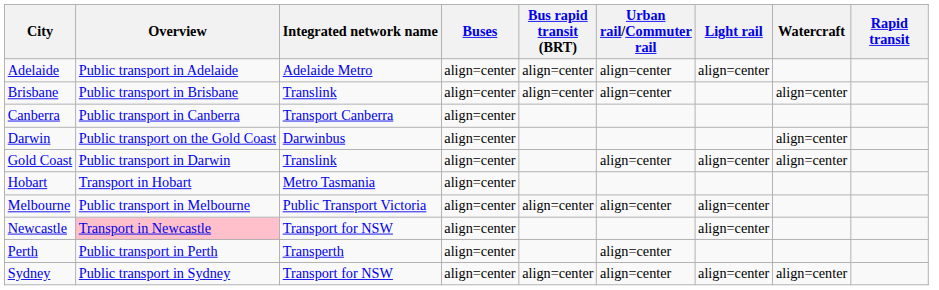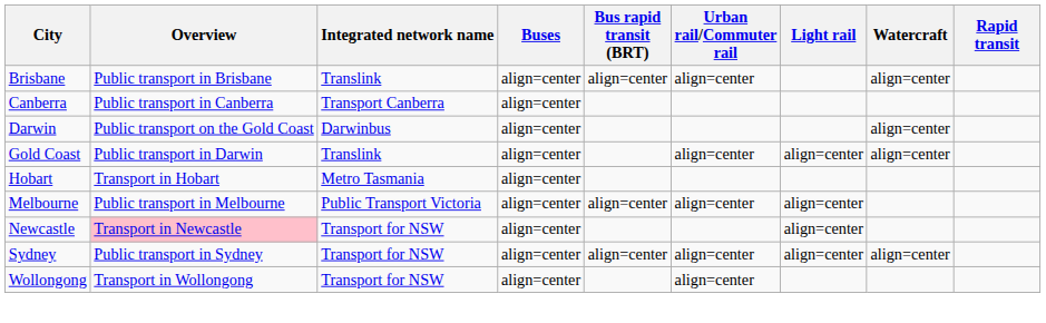 <table class="wikitable">
 <tr>
 <th>City</th>
 <th>Overview</th>
 <th>Integrated network name</th>
 <th width=80><a href='#'>Buses</a></th>
 <th width=80><a href='#'>Bus rapid transit</a> (BRT)</th>
 <th width=80><a href='#'>Urban rail</a>/<a href='#'>Commuter rail</a></th>
 <th width=80><a href='#'>Light rail</a></th>
 <th width=80>Watercraft</th>
 <th width=80><a href='#'>Rapid transit</a></th>
-</tr>
-<tr>
-<td><a href='#'>Adelaide</a></td>
-<td><a href='#'>Public transport in Adelaide</a></td>
-<td><a href='#'>Adelaide Metro</a></td>
-<td>align=center </td>
-<td>align=center </td>
-<td>align=center </td>
-<td>align=center </td>
-<td></td>
-<td></td>
 </tr>
 <tr>
 <td><a href='#'>Brisbane</a></td>
 <td><a href='#'>Public transport in Brisbane</a></td>
 <td><a href='#'>Translink</a></td>
 <td>align=center </td>
 <td>align=center </td>
 <td>align=center </td>
 <td></td>
 <td>align=center </td>
 <td></td>
 </tr>
 <tr>
 <td><a href='#'>Canberra</a></td>
 <td><a href='#'>Public transport in Canberra</a></td>
 <td><a href='#'>Transport Canberra</a></td>
 <td>align=center </td>
 <td></td>
 <td></td>
 <td></td>
 <td></td>
 <td></td>
 </tr>
 <tr>
 <td><a href='#'>Darwin</a></td>
 <td><a href='#'>Public transport on the Gold Coast</a></td>
 <td><a href='#'>Darwinbus</a></td>
 <td>align=center </td>
 <td></td>
 <td></td>
 <td></td>
 <td>align=center </td>
 <td></td>
 </tr>
 <tr>
 <td><a href='#'>Gold Coast</a></td>
 <td><a href='#'>Public transport in Darwin</a></td>
 <td><a href='#'>Translink</a></td>
 <td>align=center </td>
 <td></td>
 <td>align=center </td>
 <td>align=center </td>
 <td>align=center </td>
 <td></td>
 </tr>
 <tr>
 <td><a href='#'>Hobart</a></td>
 <td><a href='#'>Transport in Hobart</a></td>
 <td><a href='#'>Metro Tasmania</a></td>
 <td>align=center </td>
 <td></td>
 <td></td>
 <td></td>
 <td></td>
 <td></td>
 </tr>
 <tr>
 <td><a href='#'>Melbourne</a></td>
 <td><a href='#'>Public transport in Melbourne</a></td>
 <td><a href='#'>Public Transport Victoria</a></td>
 <td>align=center </td>
 <td>align=center </td>
 <td>align=center </td>
 <td>align=center </td>
 <td></td>
 <td></td>
 </tr>
 <tr>
 <td><a href='#'>Newcastle</a></td>
 <td style="background: pink;"><a href='#'>Transport in Newcastle</a></td>
 <td><a href='#'>Transport for NSW</a></td>
 <td>align=center </td>
 <td></td>
 <td></td>
 <td>align=center </td>
 <td></td>
 <td></td>
 </tr>
 <tr>
-<td><a href='#'>Perth</a></td>
-<td><a href='#'>Public transport in Perth</a></td>
-<td><a href='#'>Transperth</a></td>
-<td>align=center </td>
-<td></td>
-<td>align=center </td>
-<td></td>
-<td></td>
-<td></td>
-</tr>
-<tr>
 <td><a href='#'>Sydney</a></td>
 <td><a href='#'>Public transport in Sydney</a></td>
 <td><a href='#'>Transport for NSW</a></td>
 <td>align=center </td>
 <td>align=center </td>
 <td>align=center </td>
 <td>align=center </td>
 <td>align=center </td>
 <td></td>
 </tr>
+<tr>
+<td><a href='#'>Wollongong</a></td>
+<td><a href='#'>Transport in Wollongong</a></td>
+<td><a href='#'>Transport for NSW</a></td>
+<td>align=center </td>
+<td></td>
+<td>align=center </td>
+<td></td>
+<td></td>
+<td></td>
+</tr>
 </table>
